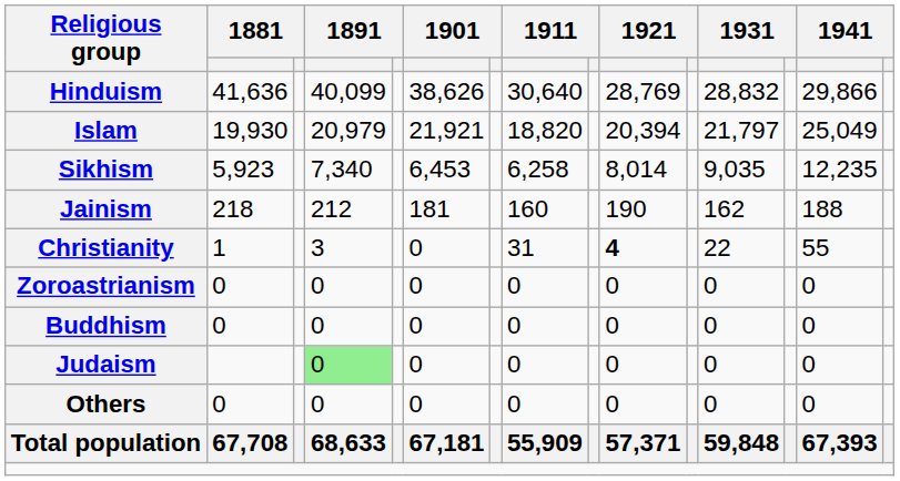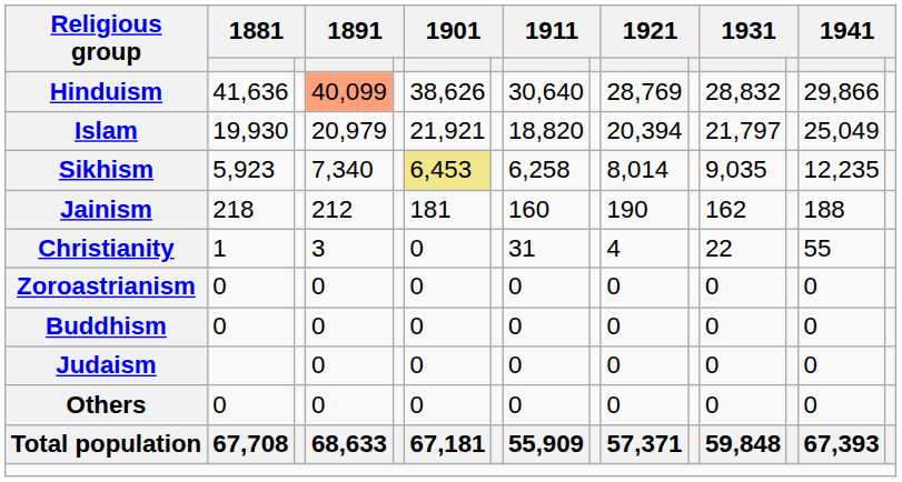 <table class="wikitable sortable">
 <tr>
 <th rowspan="2"><a href='#'>Religious</a><br>group</th>
 <th colspan="2">1881</th>
 <th colspan="2">1891</th>
 <th colspan="2">1901</th>
 <th colspan="2">1911</th>
 <th colspan="2">1921</th>
 <th colspan="2">1931</th>
 <th colspan="2">1941</th>
 </tr>
 <tr>
 <th><a href='#'></a></th>
 <th></th>
 <th></th>
 <th></th>
 <th></th>
 <th></th>
 <th></th>
 <th></th>
 <th></th>
 <th></th>
 <th></th>
 <th></th>
 <th></th>
 <th></th>
 </tr>
 <tr>
 <th><a href='#'>Hinduism</a> </th>
 <td>41,636</td>
 <td></td>
-<td>40,099</td>
+<td style="background: lightsalmon;">40,099</td>
 <td></td>
 <td>38,626</td>
 <td></td>
 <td>30,640</td>
 <td></td>
 <td>28,769</td>
 <td></td>
 <td>28,832</td>
 <td></td>
 <td>29,866</td>
 <td></td>
 </tr>
 <tr>
 <th><a href='#'>Islam</a> </th>
 <td>19,930</td>
 <td></td>
 <td>20,979</td>
 <td></td>
 <td>21,921</td>
 <td></td>
 <td>18,820</td>
 <td></td>
 <td>20,394</td>
 <td></td>
 <td>21,797</td>
 <td></td>
 <td>25,049</td>
 <td></td>
 </tr>
 <tr>
 <th><a href='#'>Sikhism</a> </th>
 <td>5,923</td>
 <td></td>
 <td>7,340</td>
 <td></td>
-<td>6,453</td>
+<td style="background: khaki;">6,453</td>
 <td></td>
 <td>6,258</td>
 <td></td>
 <td>8,014</td>
 <td></td>
 <td>9,035</td>
 <td></td>
 <td>12,235</td>
 <td></td>
 </tr>
 <tr>
 <th><a href='#'>Jainism</a> </th>
 <td>218</td>
 <td></td>
 <td>212</td>
 <td></td>
 <td>181</td>
 <td></td>
 <td>160</td>
 <td></td>
 <td>190</td>
 <td></td>
 <td>162</td>
 <td></td>
 <td>188</td>
 <td></td>
 </tr>
 <tr>
 <th><a href='#'>Christianity</a> </th>
 <td>1</td>
 <td></td>
 <td>3</td>
 <td></td>
 <td>0</td>
 <td></td>
 <td>31</td>
 <td></td>
-<td><strong>4</strong></td>
+<td>4</td>
 <td></td>
 <td>22</td>
 <td></td>
 <td>55</td>
 <td></td>
 </tr>
 <tr>
 <th><a href='#'>Zoroastrianism</a> </th>
 <td>0</td>
 <td></td>
 <td>0</td>
 <td></td>
 <td>0</td>
 <td></td>
 <td>0</td>
 <td></td>
 <td>0</td>
 <td></td>
 <td>0</td>
 <td></td>
 <td>0</td>
 <td></td>
 </tr>
 <tr>
 <th><a href='#'>Buddhism</a> </th>
 <td>0</td>
 <td></td>
 <td>0</td>
 <td></td>
 <td>0</td>
 <td></td>
 <td>0</td>
 <td></td>
 <td>0</td>
 <td></td>
 <td>0</td>
 <td></td>
 <td>0</td>
 <td></td>
 </tr>
 <tr>
 <th><a href='#'>Judaism</a> </th>
 <td></td>
 <td></td>
-<td style="background: lightgreen;">0</td>
+<td>0</td>
 <td></td>
 <td>0</td>
 <td></td>
 <td>0</td>
 <td></td>
 <td>0</td>
 <td></td>
 <td>0</td>
 <td></td>
 <td>0</td>
 <td></td>
 </tr>
 <tr>
 <th>Others</th>
 <td>0</td>
 <td></td>
 <td>0</td>
 <td></td>
 <td>0</td>
 <td></td>
 <td>0</td>
 <td></td>
 <td>0</td>
 <td></td>
 <td>0</td>
 <td></td>
 <td>0</td>
 <td></td>
 </tr>
 <tr>
 <th>Total population</th>
 <th>67,708</th>
 <th></th>
 <th>68,633</th>
 <th></th>
 <th>67,181</th>
 <th></th>
 <th>55,909</th>
 <th></th>
 <th>57,371</th>
 <th></th>
 <th>59,848</th>
 <th></th>
 <th>67,393</th>
 <th></th>
 </tr>
 <tr class="sortbottom">
 <td colspan="15"></td>
 </tr>
 </table>
